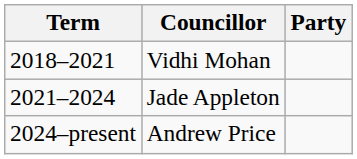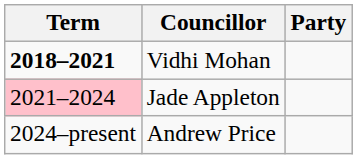 <table class="wikitable">
 <tr>
 <th>Term</th>
 <th>Councillor</th>
 <th colspan=2>Party</th>
 </tr>
 <tr>
-<td>2018–2021</td>
+<td><strong>2018–2021</strong></td>
 <td>Vidhi Mohan</td>
 <td></td>
 </tr>
 <tr>
-<td>2021–2024</td>
+<td style="background: pink;">2021–2024</td>
 <td>Jade Appleton</td>
 <td></td>
 </tr>
 <tr>
 <td>2024–present</td>
 <td>Andrew Price</td>
 <td></td>
 </tr>
 </table>
